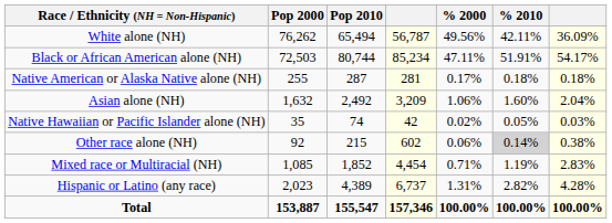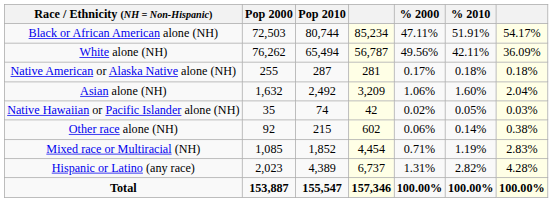 <table class="wikitable" style="text-align:center;">
 <tr>
 <th>Race / Ethnicity <small>(<em>NH = Non-Hispanic</em>)</small></th>
 <th>Pop 2000</th>
 <th>Pop 2010</th>
 <th></th>
 <th>% 2000</th>
 <th>% 2010</th>
 <th></th>
 </tr>
 <tr>
+<td><a href='#'>Black or African American</a> alone (NH)</td>
+<td>72,503</td>
+<td>80,744</td>
+<td style='background: #ffffe6;'>85,234</td>
+<td>47.11%</td>
+<td>51.91%</td>
+<td style='background: #ffffe6;'>54.17%</td>
+</tr>
+<tr>
 <td><a href='#'>White</a> alone (NH)</td>
 <td>76,262</td>
 <td>65,494</td>
 <td style='background: #ffffe6;'>56,787</td>
 <td>49.56%</td>
 <td>42.11%</td>
 <td style='background: #ffffe6;'>36.09%</td>
-</tr>
-<tr>
-<td><a href='#'>Black or African American</a> alone (NH)</td>
-<td>72,503</td>
-<td>80,744</td>
-<td style='background: #ffffe6;'>85,234</td>
-<td>47.11%</td>
-<td>51.91%</td>
-<td style='background: #ffffe6;'>54.17%</td>
 </tr>
 <tr>
 <td><a href='#'>Native American</a> or <a href='#'>Alaska Native</a> alone (NH)</td>
 <td>255</td>
 <td>287</td>
 <td style='background: #ffffe6;'>281</td>
 <td>0.17%</td>
 <td>0.18%</td>
 <td style='background: #ffffe6;'>0.18%</td>
 </tr>
 <tr>
 <td><a href='#'>Asian</a> alone (NH)</td>
 <td>1,632</td>
 <td>2,492</td>
 <td style='background: #ffffe6;'>3,209</td>
 <td>1.06%</td>
 <td>1.60%</td>
 <td style='background: #ffffe6;'>2.04%</td>
 </tr>
 <tr>
 <td><a href='#'>Native Hawaiian</a> or <a href='#'>Pacific Islander</a> alone (NH)</td>
 <td>35</td>
 <td>74</td>
 <td style='background: #ffffe6;'>42</td>
 <td>0.02%</td>
 <td>0.05%</td>
 <td style='background: #ffffe6;'>0.03%</td>
 </tr>
 <tr>
 <td><a href='#'>Other race</a> alone (NH)</td>
 <td>92</td>
 <td>215</td>
 <td style='background: #ffffe6;'>602</td>
 <td>0.06%</td>
-<td style="background: lightgrey;">0.14%</td>
+<td>0.14%</td>
 <td style='background: #ffffe6;'>0.38%</td>
 </tr>
 <tr>
 <td><a href='#'>Mixed race or Multiracial</a> (NH)</td>
 <td>1,085</td>
 <td>1,852</td>
 <td style='background: #ffffe6;'>4,454</td>
 <td>0.71%</td>
 <td>1.19%</td>
 <td style='background: #ffffe6;'>2.83%</td>
 </tr>
 <tr>
 <td><a href='#'>Hispanic or Latino</a> (any race)</td>
 <td>2,023</td>
 <td>4,389</td>
 <td style='background: #ffffe6;'>6,737</td>
 <td>1.31%</td>
 <td>2.82%</td>
 <td style='background: #ffffe6;'>4.28%</td>
 </tr>
 <tr>
 <td><strong>Total</strong></td>
 <td><strong>153,887</strong></td>
 <td><strong>155,547</strong></td>
 <td style='background: #ffffe6;'><strong>157,346</strong></td>
 <td><strong>100.00%</strong></td>
 <td><strong>100.00%</strong></td>
 <td style='background: #ffffe6;'><strong>100.00%</strong></td>
 </tr>
 </table>
